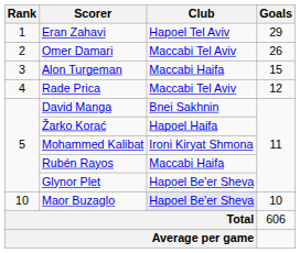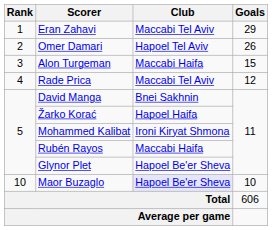 <table class="wikitable">
 <tr>
 <th>Rank</th>
 <th>Scorer</th>
 <th>Club</th>
 <th>Goals</th>
 </tr>
 <tr>
 <td align="center" rowspan="1">1</td>
 <td> <a href='#'>Eran Zahavi</a></td>
-<td><a href='#'>Hapoel Tel Aviv</a></td>
+<td><a href='#'>Maccabi Tel Aviv</a></td>
 <td align="center" rowspan="1">29</td>
 </tr>
 <tr>
 <td align="center" rowspan="1">2</td>
 <td> <a href='#'>Omer Damari</a></td>
-<td><a href='#'>Maccabi Tel Aviv</a></td>
+<td><a href='#'>Hapoel Tel Aviv</a></td>
 <td align="center" rowspan="1">26</td>
 </tr>
 <tr>
 <td align="center" rowspan="1">3</td>
 <td> <a href='#'>Alon Turgeman</a></td>
 <td><a href='#'>Maccabi Haifa</a></td>
 <td align="center" rowspan="1">15</td>
 </tr>
 <tr>
 <td align="center" rowspan="1">4</td>
 <td> <a href='#'>Rade Prica</a></td>
 <td><a href='#'>Maccabi Tel Aviv</a></td>
 <td align="center" rowspan="1">12</td>
 </tr>
 <tr>
 <td align="center" rowspan="5">5</td>
 <td> <a href='#'>David Manga</a></td>
 <td><a href='#'>Bnei Sakhnin</a></td>
 <td align="center" rowspan="5">11</td>
 </tr>
 <tr>
 <td> <a href='#'>Žarko Korać</a></td>
 <td><a href='#'>Hapoel Haifa</a></td>
 </tr>
 <tr>
 <td> <a href='#'>Mohammed Kalibat</a></td>
 <td><a href='#'>Ironi Kiryat Shmona</a></td>
 </tr>
 <tr>
 <td> <a href='#'>Rubén Rayos</a></td>
 <td><a href='#'>Maccabi Haifa</a></td>
 </tr>
 <tr>
 <td> <a href='#'>Glynor Plet</a></td>
 <td><a href='#'>Hapoel Be'er Sheva</a></td>
 </tr>
 <tr>
 <td align="center" rowspan="1">10</td>
 <td> <a href='#'>Maor Buzaglo</a></td>
 <td style="background: lavender;"><a href='#'>Hapoel Be'er Sheva</a></td>
 <td align="center" rowspan="1">10</td>
 </tr>
 <tr>
 <td bgcolor="#F2F2F2" colspan="3" align="right"><strong>Total</strong></td>
 <td align="center">606</td>
 </tr>
 <tr>
 <td bgcolor="#F2F2F2" colspan="3" align="right"><strong>Average per game</strong></td>
 <td align="center"></td>
 </tr>
 </table>
